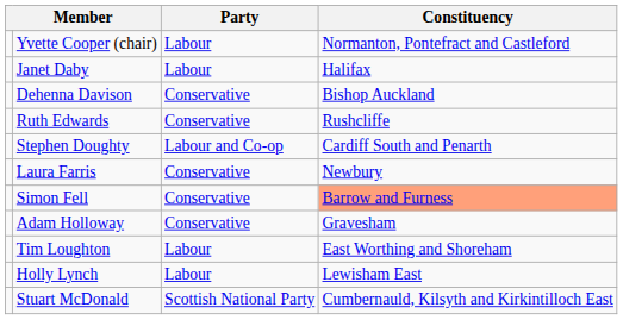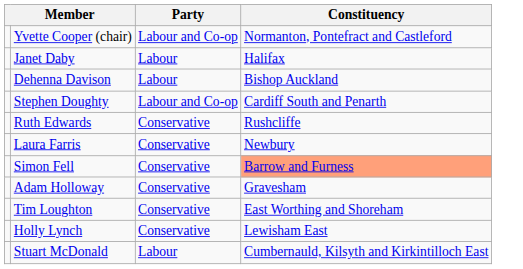 <table class="wikitable">
 <tr>
 <th colspan="2" valign="top">Member</th>
 <th valign="top">Party</th>
 <th valign="top">Constituency</th>
 </tr>
 <tr>
 <td style="color:inherit;background:"></td>
 <td><a href='#'>Yvette Cooper</a> (chair)</td>
-<td><a href='#'>Labour</a></td>
+<td><a href='#'>Labour and Co-op</a></td>
 <td><a href='#'>Normanton, Pontefract and Castleford</a></td>
 </tr>
 <tr>
 <td style="color:inherit;background:"></td>
 <td><a href='#'>Janet Daby</a></td>
 <td><a href='#'>Labour</a></td>
 <td><a href='#'>Halifax</a></td>
 </tr>
 <tr>
 <td style="color:inherit;background:"></td>
 <td><a href='#'>Dehenna Davison</a></td>
-<td><a href='#'>Conservative</a></td>
+<td><a href='#'>Labour</a></td>
 <td><a href='#'>Bishop Auckland</a></td>
+</tr>
+<tr>
+<td style="color:inherit;background:"></td>
+<td><a href='#'>Stephen Doughty</a></td>
+<td><a href='#'>Labour and Co-op</a></td>
+<td><a href='#'>Cardiff South and Penarth</a></td>
 </tr>
 <tr>
 <td style="color:inherit;background:"></td>
 <td><a href='#'>Ruth Edwards</a></td>
 <td><a href='#'>Conservative</a></td>
 <td><a href='#'>Rushcliffe</a></td>
-</tr>
-<tr>
-<td style="color:inherit;background:"></td>
-<td><a href='#'>Stephen Doughty</a></td>
-<td><a href='#'>Labour and Co-op</a></td>
-<td><a href='#'>Cardiff South and Penarth</a></td>
 </tr>
 <tr>
 <td style="color:inherit;background:"></td>
 <td><a href='#'>Laura Farris</a></td>
 <td><a href='#'>Conservative</a></td>
 <td><a href='#'>Newbury</a></td>
 </tr>
 <tr>
 <td style="color:inherit;background:"></td>
 <td><a href='#'>Simon Fell</a></td>
 <td><a href='#'>Conservative</a></td>
 <td style="background: lightsalmon;"><a href='#'>Barrow and Furness</a></td>
 </tr>
 <tr>
 <td style="color:inherit;background:"></td>
 <td><a href='#'>Adam Holloway</a></td>
 <td><a href='#'>Conservative</a></td>
 <td><a href='#'>Gravesham</a></td>
 </tr>
 <tr>
 <td style="color:inherit;background:"></td>
 <td><a href='#'>Tim Loughton</a></td>
-<td><a href='#'>Labour</a></td>
+<td><a href='#'>Conservative</a></td>
 <td><a href='#'>East Worthing and Shoreham</a></td>
 </tr>
 <tr>
 <td style="color:inherit;background:"></td>
 <td><a href='#'>Holly Lynch</a></td>
-<td><a href='#'>Labour</a></td>
+<td><a href='#'>Conservative</a></td>
 <td><a href='#'>Lewisham East</a></td>
 </tr>
 <tr>
 <td style="color:inherit;background:"></td>
 <td><a href='#'>Stuart McDonald</a></td>
-<td><a href='#'>Scottish National Party</a></td>
+<td><a href='#'>Labour</a></td>
 <td><a href='#'>Cumbernauld, Kilsyth and Kirkintilloch East</a></td>
 </tr>
 </table>
